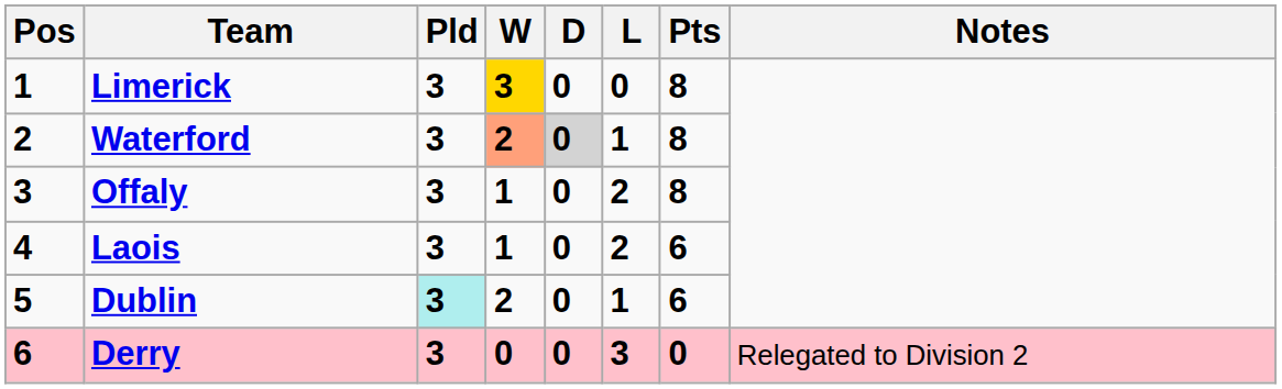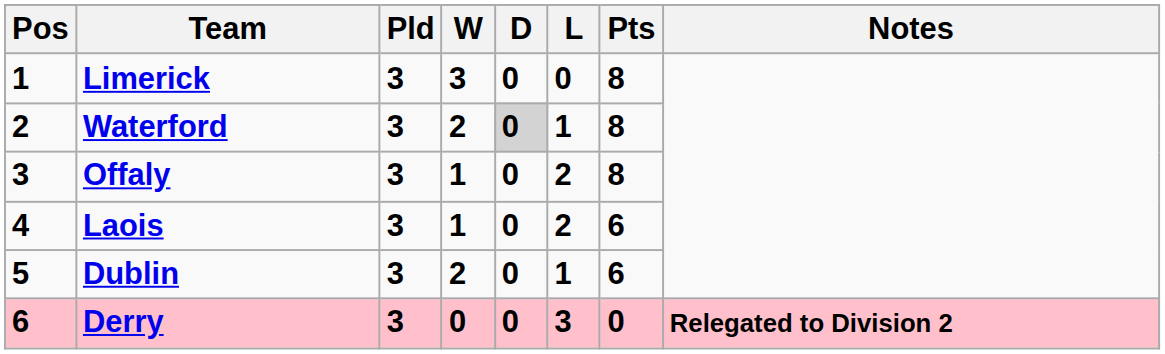 <table class="wikitable" style="text-align: centre;">
 <tr>
 <th width=20>Pos</th>
 <th width=150>Team</th>
 <th width=20>Pld</th>
 <th width=20>W</th>
 <th width=20>D</th>
 <th width=20>L</th>
 <th width=20>Pts</th>
 <th width=250>Notes</th>
 </tr>
 <tr style>
 <td><strong>1</strong></td>
 <td align=left><strong> <a href='#'>Limerick</a> </strong></td>
 <td><strong>3</strong></td>
-<td style="background: gold;"><strong>3</strong></td>
+<td><strong>3</strong></td>
 <td><strong>0</strong></td>
 <td><strong>0</strong></td>
 <td><strong>8</strong></td>
 </tr>
 <tr style>
 <td><strong>2</strong></td>
 <td align=left><strong> <a href='#'>Waterford</a> </strong></td>
 <td><strong>3</strong></td>
-<td style="background: lightsalmon;"><strong>2</strong></td>
+<td><strong>2</strong></td>
 <td style="background: lightgrey;"><strong>0</strong></td>
 <td><strong>1</strong></td>
 <td><strong>8</strong></td>
 </tr>
 <tr style>
 <td><strong>3</strong></td>
 <td align=left><strong> <a href='#'>Offaly</a> </strong></td>
 <td><strong>3</strong></td>
 <td><strong>1</strong></td>
 <td><strong>0</strong></td>
 <td><strong>2</strong></td>
 <td><strong>8</strong></td>
 </tr>
 <tr style>
 <td><strong>4</strong></td>
 <td align=left><strong> <a href='#'>Laois</a> </strong></td>
 <td><strong>3</strong></td>
 <td><strong>1</strong></td>
 <td><strong>0</strong></td>
 <td><strong>2</strong></td>
 <td><strong>6</strong></td>
 </tr>
 <tr style>
 <td><strong>5</strong></td>
 <td align=left><strong> <a href='#'>Dublin</a> </strong></td>
-<td style="background: paleturquoise;"><strong>3</strong></td>
+<td><strong>3</strong></td>
 <td><strong>2</strong></td>
 <td><strong>0</strong></td>
 <td><strong>1</strong></td>
 <td><strong>6</strong></td>
 </tr>
 <tr style="background:#FFC0CB;">
 <td><strong>6</strong></td>
 <td align=left><strong> <a href='#'>Derry</a> </strong></td>
 <td><strong>3</strong></td>
 <td><strong>0</strong></td>
 <td><strong>0</strong></td>
 <td><strong>3</strong></td>
 <td><strong>0</strong></td>
-<td><small> Relegated to Division 2</small></td>
+<td><strong><small> Relegated to Division 2</small></strong></td>
 </tr>
 </table>
